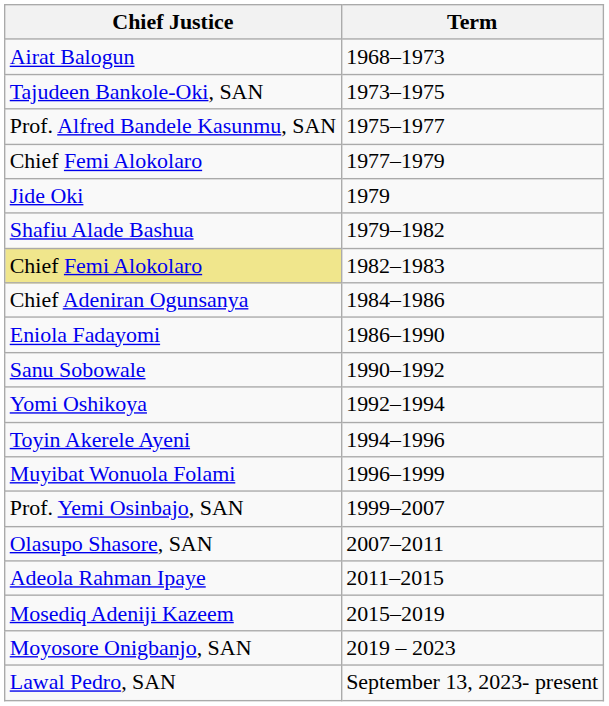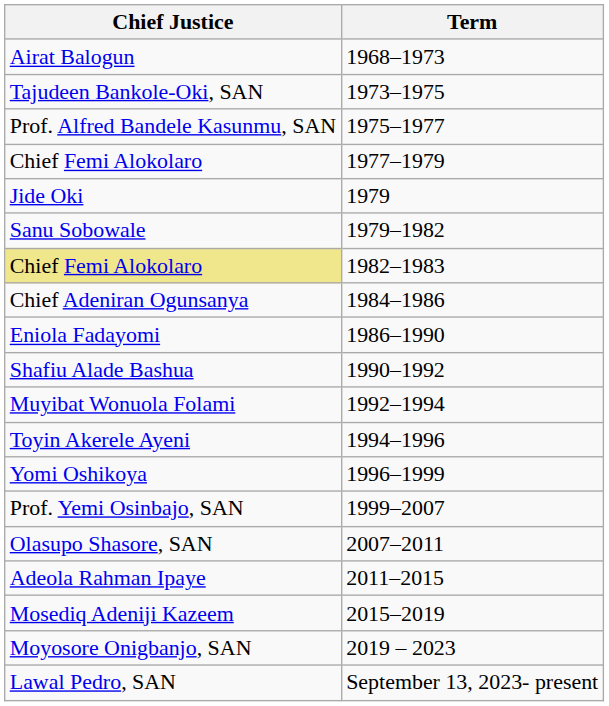 <table class="wikitable">
 <tr>
 <th>Chief Justice</th>
 <th>Term</th>
 </tr>
 <tr>
 <td><a href='#'>Airat Balogun</a></td>
 <td>1968–1973</td>
 </tr>
 <tr>
 <td><a href='#'>Tajudeen Bankole-Oki</a>, SAN</td>
 <td>1973–1975</td>
 </tr>
 <tr>
 <td>Prof. <a href='#'>Alfred Bandele Kasunmu</a>, SAN</td>
 <td>1975–1977</td>
 </tr>
 <tr>
 <td>Chief <a href='#'>Femi Alokolaro</a></td>
 <td>1977–1979</td>
 </tr>
 <tr>
 <td><a href='#'>Jide Oki</a></td>
 <td>1979</td>
 </tr>
 <tr>
-<td><a href='#'>Shafiu Alade Bashua</a></td>
+<td><a href='#'>Sanu Sobowale</a></td>
 <td>1979–1982</td>
 </tr>
 <tr>
 <td style="background: khaki;">Chief <a href='#'>Femi Alokolaro</a></td>
 <td>1982–1983</td>
 </tr>
 <tr>
 <td>Chief <a href='#'>Adeniran Ogunsanya</a></td>
 <td>1984–1986</td>
 </tr>
 <tr>
 <td><a href='#'>Eniola Fadayomi</a></td>
 <td>1986–1990</td>
 </tr>
 <tr>
-<td><a href='#'>Sanu Sobowale</a></td>
+<td><a href='#'>Shafiu Alade Bashua</a></td>
 <td>1990–1992</td>
 </tr>
 <tr>
-<td><a href='#'>Yomi Oshikoya</a></td>
+<td><a href='#'>Muyibat Wonuola Folami</a></td>
 <td>1992–1994</td>
 </tr>
 <tr>
 <td><a href='#'>Toyin Akerele Ayeni</a></td>
 <td>1994–1996</td>
 </tr>
 <tr>
-<td><a href='#'>Muyibat Wonuola Folami</a></td>
+<td><a href='#'>Yomi Oshikoya</a></td>
 <td>1996–1999</td>
 </tr>
 <tr>
 <td>Prof. <a href='#'>Yemi Osinbajo</a>, SAN</td>
 <td>1999–2007</td>
 </tr>
 <tr>
 <td><a href='#'>Olasupo Shasore</a>, SAN</td>
 <td>2007–2011</td>
 </tr>
 <tr>
 <td><a href='#'>Adeola Rahman Ipaye</a></td>
 <td>2011–2015</td>
 </tr>
 <tr>
 <td><a href='#'>Mosediq Adeniji Kazeem</a></td>
 <td>2015–2019</td>
 </tr>
 <tr>
 <td><a href='#'>Moyosore Onigbanjo</a>, SAN</td>
 <td>2019 – 2023</td>
 </tr>
 <tr>
 <td><a href='#'>Lawal Pedro</a>, SAN</td>
 <td>September 13, 2023- present</td>
 </tr>
 </table>
